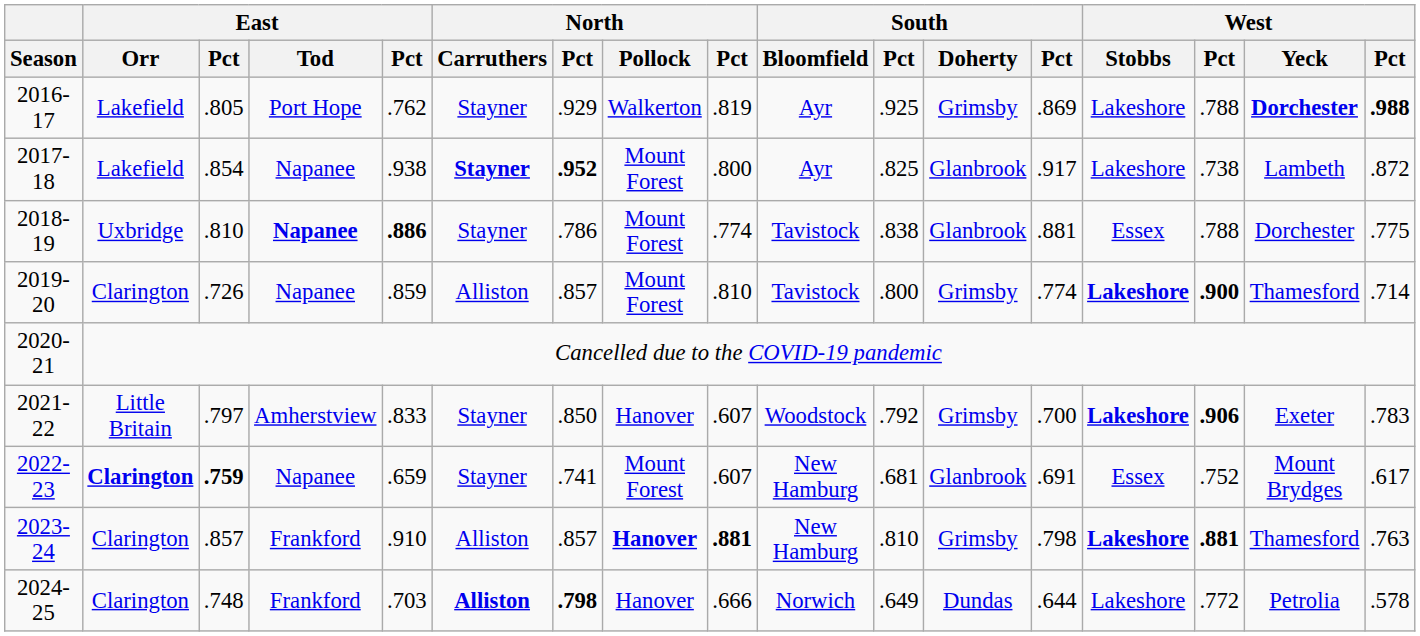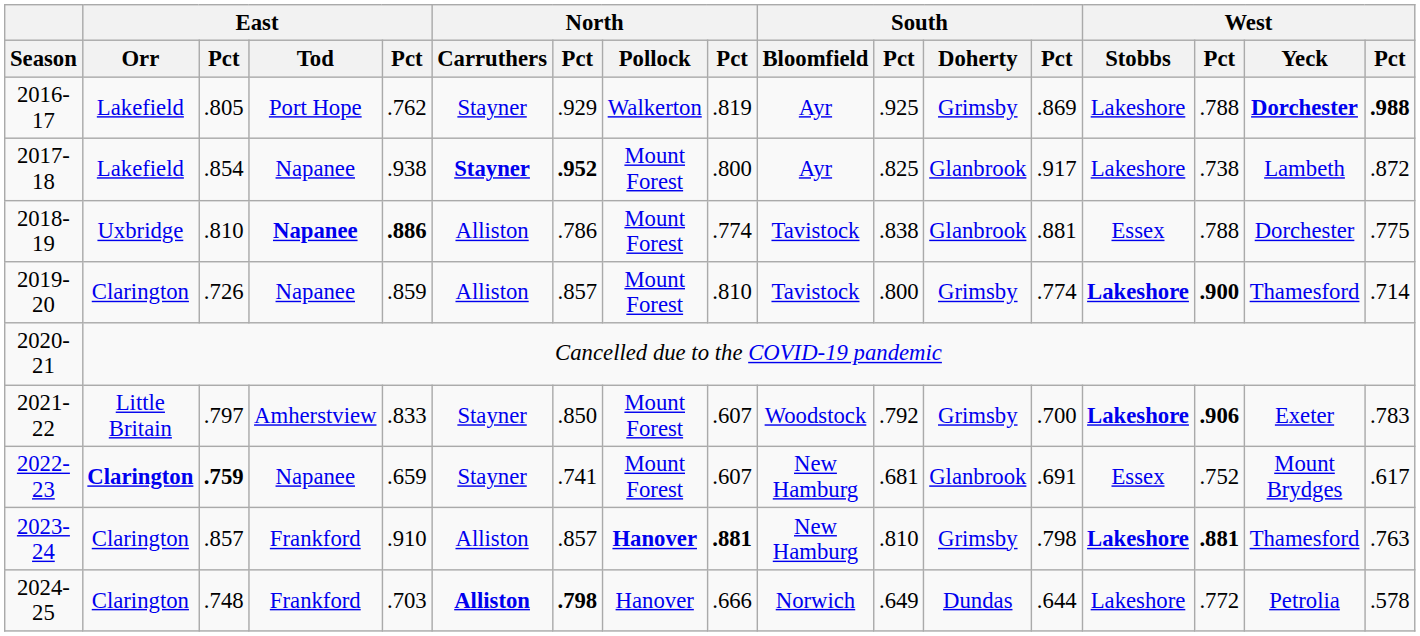 <table class="wikitable">
 <tr>
 <th></th>
 <th colspan="4">East</th>
 <th colspan="4">North</th>
 <th colspan="4">South</th>
 <th colspan="4">West</th>
 </tr>
 <tr>
 <th>Season</th>
 <th>Orr</th>
 <th>Pct</th>
 <th>Tod</th>
 <th>Pct</th>
 <th>Carruthers</th>
 <th>Pct</th>
 <th>Pollock</th>
 <th>Pct</th>
 <th>Bloomfield</th>
 <th>Pct</th>
 <th>Doherty</th>
 <th>Pct</th>
 <th>Stobbs</th>
 <th>Pct</th>
 <th>Yeck</th>
 <th>Pct</th>
 </tr>
 <tr align="center">
 <td>2016-17</td>
 <td><a href='#'>Lakefield</a></td>
 <td>.805</td>
 <td><a href='#'>Port Hope</a></td>
 <td>.762</td>
 <td><a href='#'>Stayner</a></td>
 <td>.929</td>
 <td><a href='#'>Walkerton</a></td>
 <td>.819</td>
 <td><a href='#'>Ayr</a></td>
 <td>.925</td>
 <td><a href='#'>Grimsby</a></td>
 <td>.869</td>
 <td><a href='#'>Lakeshore</a></td>
 <td>.788</td>
 <td><strong><a href='#'>Dorchester</a></strong></td>
 <td><strong>.988</strong></td>
 </tr>
 <tr align="center">
 <td>2017-18</td>
 <td><a href='#'>Lakefield</a></td>
 <td>.854</td>
 <td><a href='#'>Napanee</a></td>
 <td>.938</td>
 <td><strong><a href='#'>Stayner</a></strong></td>
 <td><strong>.952</strong></td>
 <td><a href='#'>Mount Forest</a></td>
 <td>.800</td>
 <td><a href='#'>Ayr</a></td>
 <td>.825</td>
 <td><a href='#'>Glanbrook</a></td>
 <td>.917</td>
 <td><a href='#'>Lakeshore</a></td>
 <td>.738</td>
 <td><a href='#'>Lambeth</a></td>
 <td>.872</td>
 </tr>
 <tr align="center">
 <td>2018-19</td>
 <td><a href='#'>Uxbridge</a></td>
 <td>.810</td>
 <td><strong><a href='#'>Napanee</a></strong></td>
 <td><strong>.886</strong></td>
-<td><a href='#'>Stayner</a></td>
+<td><a href='#'>Alliston</a></td>
 <td>.786</td>
 <td><a href='#'>Mount Forest</a></td>
 <td>.774</td>
 <td><a href='#'>Tavistock</a></td>
 <td>.838</td>
 <td><a href='#'>Glanbrook</a></td>
 <td>.881</td>
 <td><a href='#'>Essex</a></td>
 <td>.788</td>
 <td><a href='#'>Dorchester</a></td>
 <td>.775</td>
 </tr>
 <tr align="center">
 <td>2019-20</td>
 <td><a href='#'>Clarington</a></td>
 <td>.726</td>
 <td><a href='#'>Napanee</a></td>
 <td>.859</td>
 <td><a href='#'>Alliston</a></td>
 <td>.857</td>
 <td><a href='#'>Mount Forest</a></td>
 <td>.810</td>
 <td><a href='#'>Tavistock</a></td>
 <td>.800</td>
 <td><a href='#'>Grimsby</a></td>
 <td>.774</td>
 <td><strong><a href='#'>Lakeshore</a></strong></td>
 <td><strong>.900</strong></td>
 <td><a href='#'>Thamesford</a></td>
 <td>.714</td>
 </tr>
 <tr align="center">
 <td>2020-21</td>
 <td colspan=16><em>Cancelled due to the <a href='#'>COVID-19 pandemic</a></em></td>
 </tr>
 <tr align="center">
 <td>2021-22</td>
 <td><a href='#'>Little Britain</a></td>
 <td>.797</td>
 <td><a href='#'>Amherstview</a></td>
 <td>.833</td>
 <td><a href='#'>Stayner</a></td>
 <td>.850</td>
-<td><a href='#'>Hanover</a></td>
+<td><a href='#'>Mount Forest</a></td>
 <td>.607</td>
 <td><a href='#'>Woodstock</a></td>
 <td>.792</td>
 <td><a href='#'>Grimsby</a></td>
 <td>.700</td>
 <td><strong><a href='#'>Lakeshore</a></strong></td>
 <td><strong>.906</strong></td>
 <td><a href='#'>Exeter</a></td>
 <td>.783</td>
 </tr>
 <tr align="center">
 <td><a href='#'>2022-23</a></td>
 <td><strong><a href='#'>Clarington</a></strong></td>
 <td><strong>.759</strong></td>
 <td><a href='#'>Napanee</a></td>
 <td>.659</td>
 <td><a href='#'>Stayner</a></td>
 <td>.741</td>
 <td><a href='#'>Mount Forest</a></td>
 <td>.607</td>
 <td><a href='#'>New Hamburg</a></td>
 <td>.681</td>
 <td><a href='#'>Glanbrook</a></td>
 <td>.691</td>
 <td><a href='#'>Essex</a></td>
 <td>.752</td>
 <td><a href='#'>Mount Brydges</a></td>
 <td>.617</td>
 </tr>
 <tr align="center">
 <td><a href='#'>2023-24</a></td>
 <td><a href='#'>Clarington</a></td>
 <td>.857</td>
 <td><a href='#'>Frankford</a></td>
 <td>.910</td>
 <td><a href='#'>Alliston</a></td>
 <td>.857</td>
 <td><strong><a href='#'>Hanover</a></strong></td>
 <td><strong>.881</strong></td>
 <td><a href='#'>New Hamburg</a></td>
 <td>.810</td>
 <td><a href='#'>Grimsby</a></td>
 <td>.798</td>
 <td><strong><a href='#'>Lakeshore</a></strong></td>
 <td><strong>.881</strong></td>
 <td><a href='#'>Thamesford</a></td>
 <td>.763</td>
 </tr>
 <tr align="center">
 <td>2024-25</td>
 <td><a href='#'>Clarington</a></td>
 <td>.748</td>
 <td><a href='#'>Frankford</a></td>
 <td>.703</td>
 <td><strong><a href='#'>Alliston</a></strong></td>
 <td><strong>.798</strong></td>
 <td><a href='#'>Hanover</a></td>
 <td>.666</td>
 <td><a href='#'>Norwich</a></td>
 <td>.649</td>
 <td><a href='#'>Dundas</a></td>
 <td>.644</td>
 <td><a href='#'>Lakeshore</a></td>
 <td>.772</td>
 <td><a href='#'>Petrolia</a></td>
 <td>.578</td>
 </tr>
 </table>
